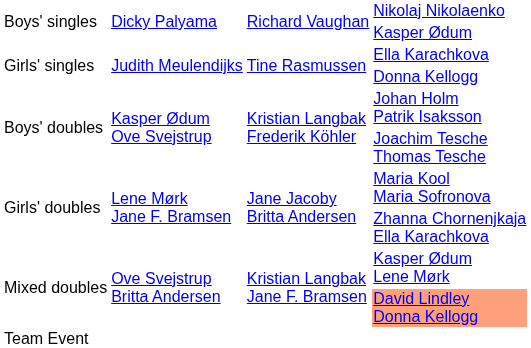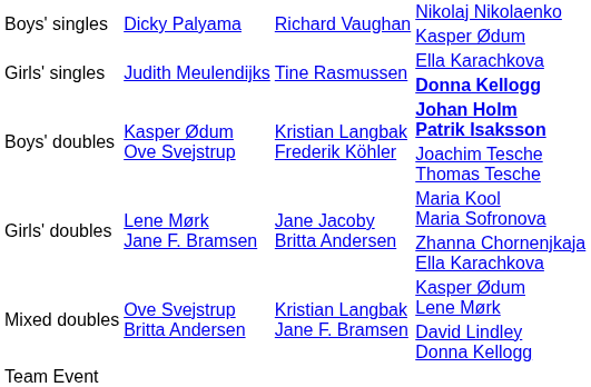 <table>
 <tr>
 <td rowspan=2>Boys' singles</td>
 <td rowspan=2> <a href='#'>Dicky Palyama</a></td>
 <td rowspan=2> <a href='#'>Richard Vaughan</a></td>
 <td> <a href='#'>Nikolaj Nikolaenko</a></td>
 </tr>
 <tr>
 <td> <a href='#'>Kasper Ødum</a></td>
 </tr>
 <tr>
 <td rowspan=2>Girls' singles</td>
 <td rowspan=2> <a href='#'>Judith Meulendijks</a></td>
 <td rowspan=2> <a href='#'>Tine Rasmussen</a></td>
 <td> <a href='#'>Ella Karachkova</a></td>
 </tr>
 <tr>
-<td> <a href='#'>Donna Kellogg</a></td>
+<td><strong> <a href='#'>Donna Kellogg</a></strong></td>
 </tr>
 <tr>
 <td rowspan=2>Boys' doubles</td>
 <td rowspan=2> <a href='#'>Kasper Ødum</a> <br>  <a href='#'>Ove Svejstrup</a></td>
 <td rowspan=2> <a href='#'>Kristian Langbak</a> <br>  <a href='#'>Frederik Köhler</a></td>
-<td> <a href='#'>Johan Holm</a> <br>  <a href='#'>Patrik Isaksson</a></td>
+<td><strong> <a href='#'>Johan Holm</a> <br>  <a href='#'>Patrik Isaksson</a></strong></td>
 </tr>
 <tr>
 <td> <a href='#'>Joachim Tesche</a> <br>  <a href='#'>Thomas Tesche</a></td>
 </tr>
 <tr>
 <td rowspan=2>Girls' doubles</td>
 <td rowspan=2> <a href='#'>Lene Mørk</a> <br>  <a href='#'>Jane F. Bramsen</a></td>
 <td rowspan=2> <a href='#'>Jane Jacoby</a> <br>  <a href='#'>Britta Andersen</a></td>
 <td> <a href='#'>Maria Kool</a> <br>  <a href='#'>Maria Sofronova</a></td>
 </tr>
 <tr>
 <td> <a href='#'>Zhanna Chornenjkaja</a> <br>  <a href='#'>Ella Karachkova</a></td>
 </tr>
 <tr>
 <td rowspan=2>Mixed doubles</td>
 <td rowspan=2> <a href='#'>Ove Svejstrup</a> <br>  <a href='#'>Britta Andersen</a></td>
 <td rowspan=2> <a href='#'>Kristian Langbak</a> <br>  <a href='#'>Jane F. Bramsen</a></td>
 <td> <a href='#'>Kasper Ødum</a> <br>  <a href='#'>Lene Mørk</a></td>
 </tr>
 <tr>
-<td style="background: lightsalmon;"> <a href='#'>David Lindley</a> <br>  <a href='#'>Donna Kellogg</a></td>
+<td> <a href='#'>David Lindley</a> <br>  <a href='#'>Donna Kellogg</a></td>
 </tr>
 <tr>
 <td>Team Event</td>
 <td></td>
 <td></td>
 <td></td>
 </tr>
 </table>
